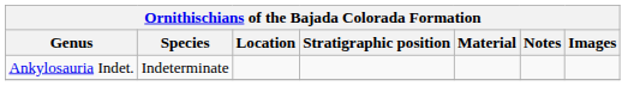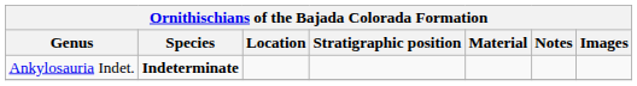 <table class="wikitable" align="center">
 <tr>
 <th colspan="7" align="center"><a href='#'>Ornithischians</a> of the Bajada Colorada Formation</th>
 </tr>
 <tr>
 <th>Genus</th>
 <th>Species</th>
 <th>Location</th>
 <th>Stratigraphic position</th>
 <th>Material</th>
 <th>Notes</th>
 <th>Images</th>
 </tr>
 <tr>
 <td><a href='#'>Ankylosauria</a> Indet.</td>
-<td>Indeterminate</td>
+<td><strong>Indeterminate</strong></td>
 <td></td>
 <td></td>
 <td></td>
 <td></td>
 <td></td>
 </tr>
 <tr>
 </tr>
 </table>
